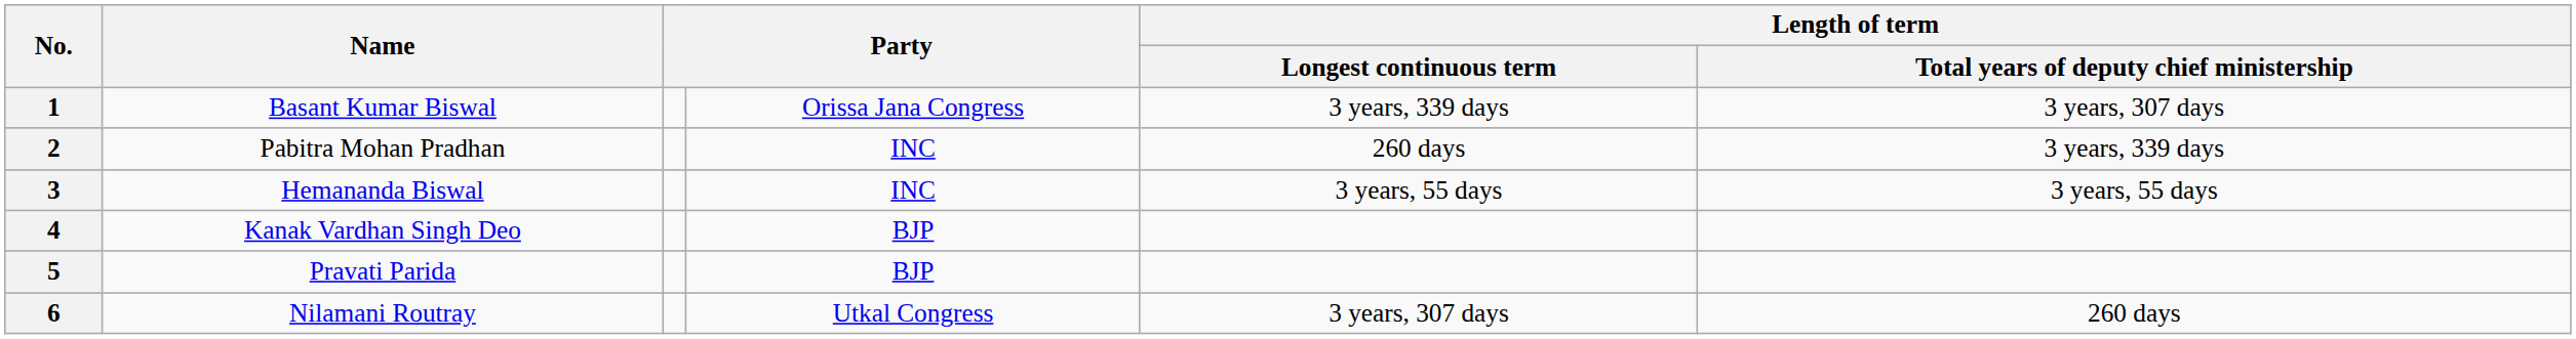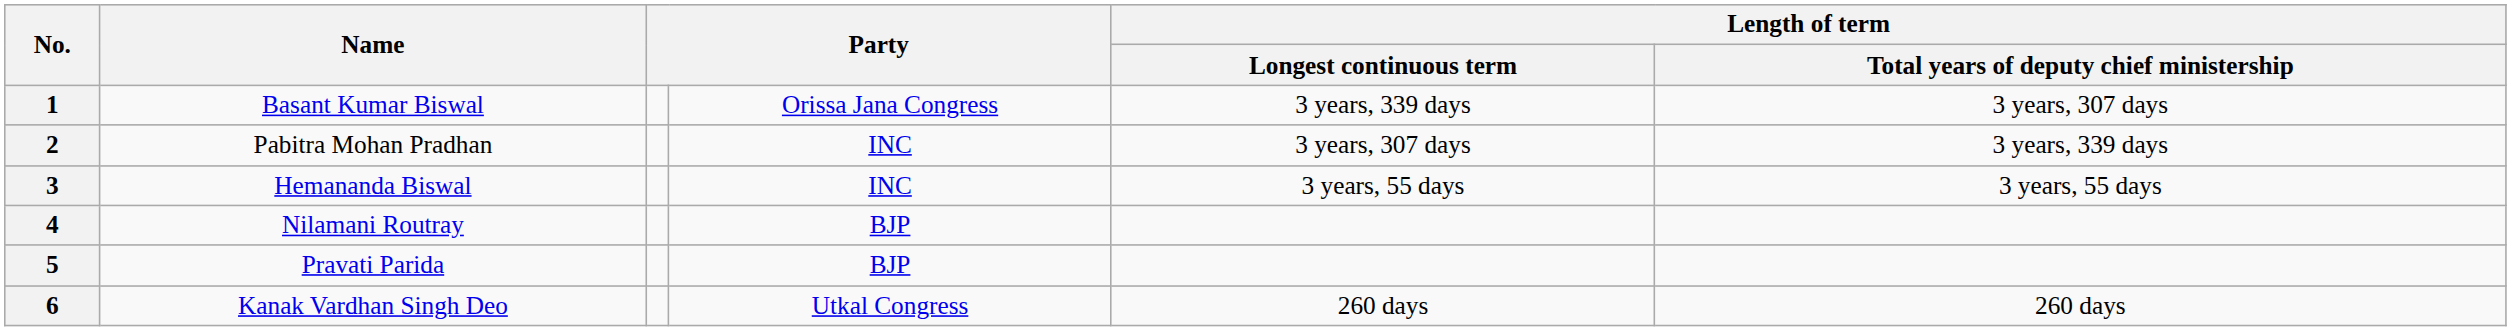 <table class="wikitable sortable" style="width:100%; text-align:center">
 <tr>
 <th rowspan=2>No.</th>
 <th rowspan=2>Name</th>
 <th rowspan=2 colspan=2>Party</th>
 <th colspan=2>Length of term</th>
 </tr>
 <tr>
 <th>Longest continuous term</th>
 <th>Total years of deputy chief ministership</th>
 </tr>
 <tr>
 <th>1</th>
 <td><a href='#'>Basant Kumar Biswal</a></td>
 <td style="background-color:"></td>
 <td><a href='#'>Orissa Jana Congress</a></td>
 <td>3 years, 339 days</td>
 <td>3 years, 307 days</td>
 </tr>
 <tr>
 <th>2</th>
 <td>Pabitra Mohan Pradhan</td>
 <td style="background-color:"></td>
 <td><a href='#'>INC</a></td>
-<td>260 days</td>
+<td>3 years, 307 days</td>
 <td>3 years, 339 days</td>
 </tr>
 <tr>
 <th>3</th>
 <td><a href='#'>Hemananda Biswal</a></td>
 <td style="background-color:"></td>
 <td><a href='#'>INC</a></td>
 <td>3 years, 55 days</td>
 <td>3 years, 55 days</td>
 </tr>
 <tr>
 <th>4</th>
-<td><a href='#'>Kanak Vardhan Singh Deo</a></td>
+<td><a href='#'>Nilamani Routray</a></td>
 <td style="background-color:"></td>
 <td><a href='#'>BJP</a></td>
 <td><strong></strong></td>
 <td><strong></strong></td>
 </tr>
 <tr>
 <th>5</th>
 <td><a href='#'>Pravati Parida</a></td>
 <td style="background-color:"></td>
 <td><a href='#'>BJP</a></td>
 <td><strong></strong></td>
 <td><strong></strong></td>
 </tr>
 <tr>
 <th>6</th>
-<td><a href='#'>Nilamani Routray</a></td>
+<td><a href='#'>Kanak Vardhan Singh Deo</a></td>
 <td style="background-color:"></td>
 <td><a href='#'>Utkal Congress</a></td>
-<td>3 years, 307 days</td>
+<td>260 days</td>
 <td>260 days</td>
 </tr>
 </table>
